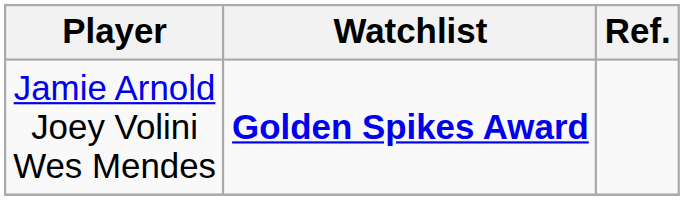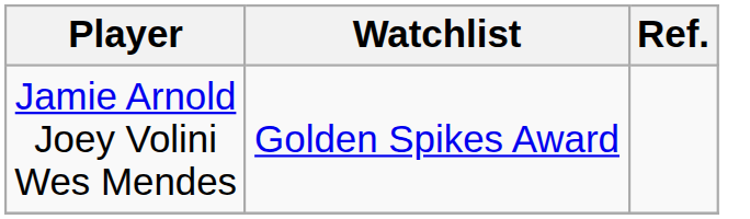 <table class="wikitable" style="text-align:center;">
 <tr>
 <th>Player</th>
 <th>Watchlist</th>
 <th>Ref.</th>
 </tr>
 <tr>
 <td><a href='#'>Jamie Arnold</a><br>Joey Volini<br>Wes Mendes</td>
-<td><strong><a href='#'>Golden Spikes Award</a></strong></td>
+<td><a href='#'>Golden Spikes Award</a></td>
 <td></td>
 </tr>
 <tr>
 </tr>
 </table>
